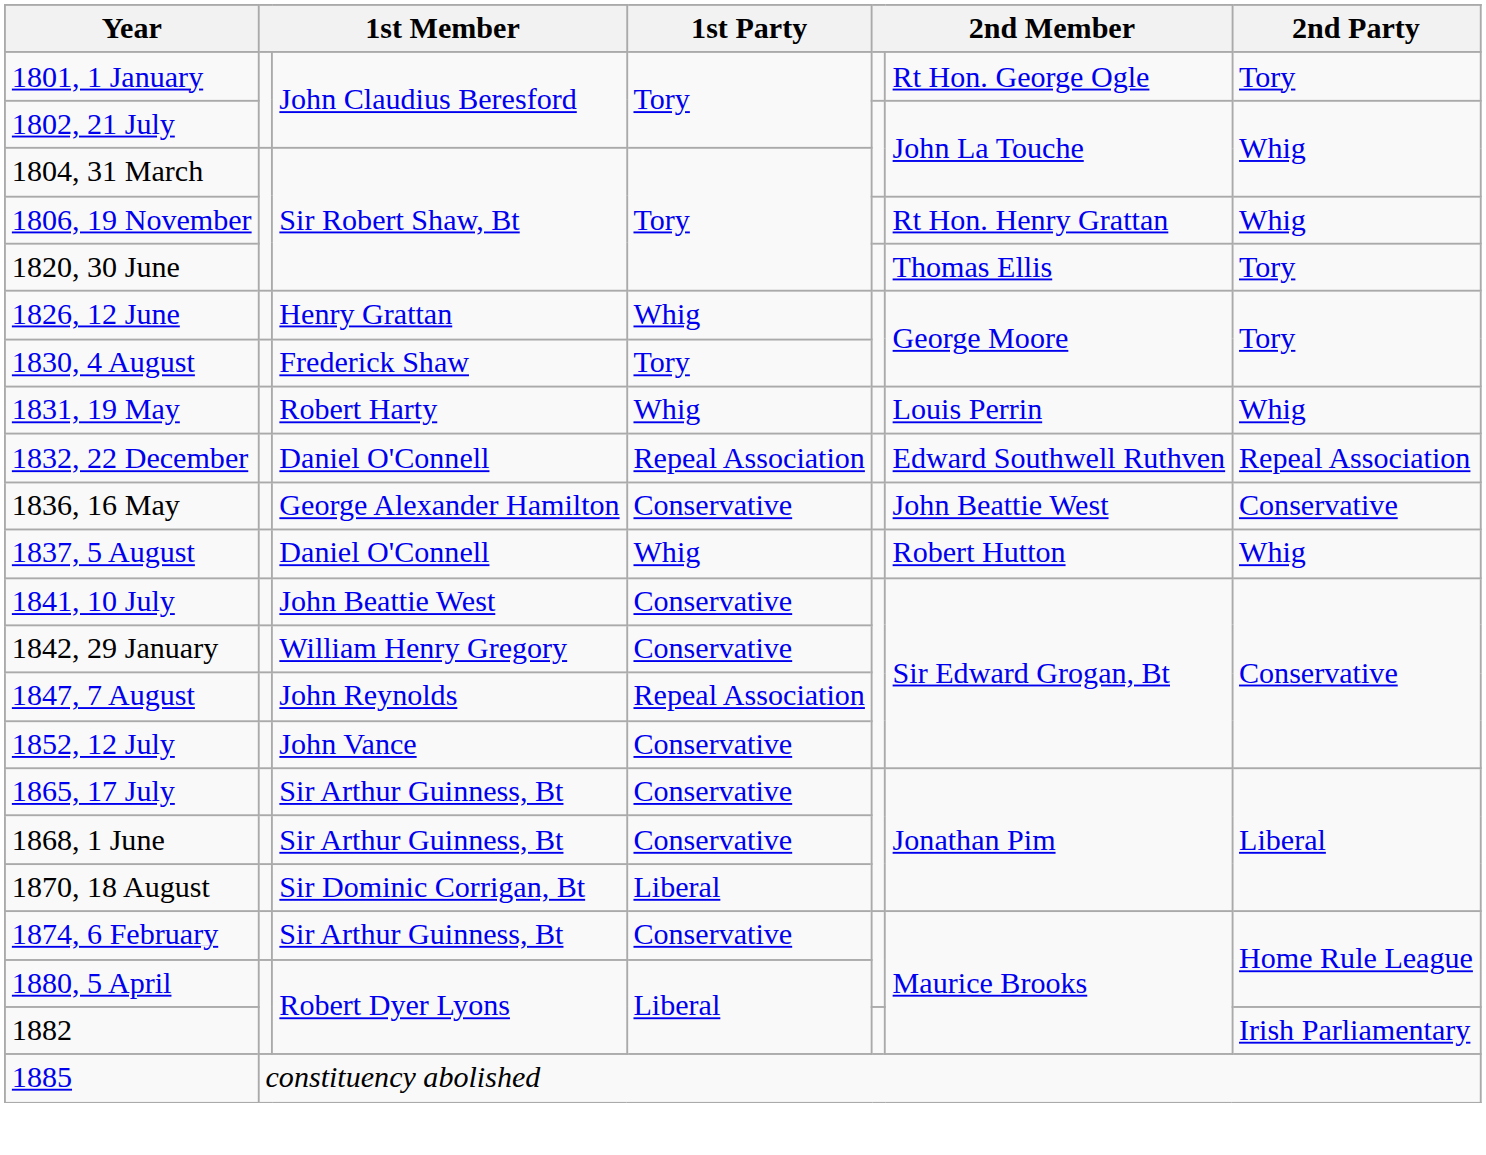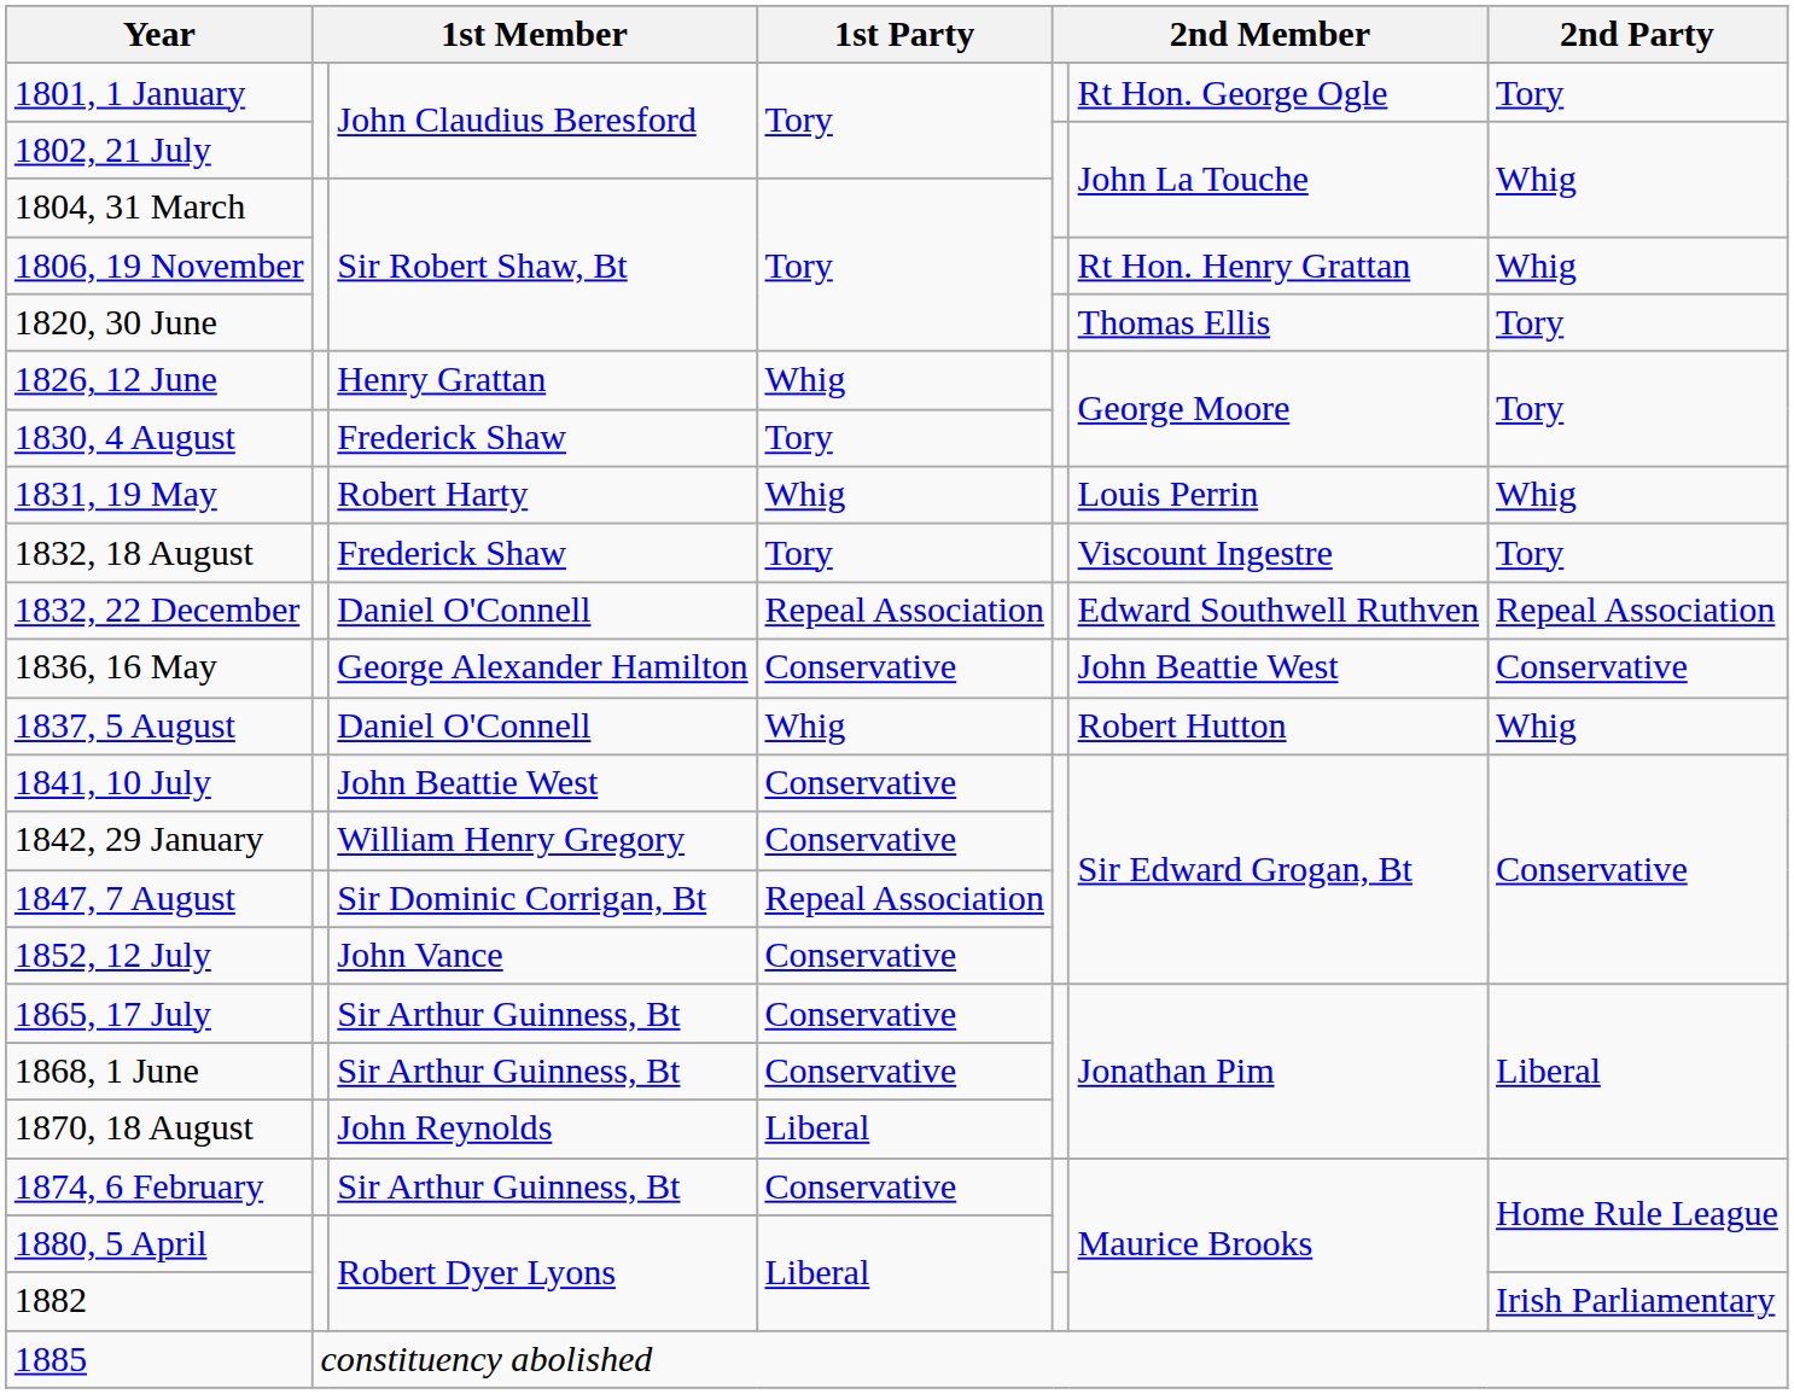 <table class="wikitable">
 <tr>
 <th>Year</th>
 <th colspan="2">1st Member</th>
 <th>1st Party</th>
 <th colspan="2">2nd Member</th>
 <th>2nd Party</th>
 </tr>
 <tr>
 <td><a href='#'>1801, 1 January</a></td>
 <td rowspan="2" style="color:inherit;background-color: "></td>
 <td rowspan="2"><a href='#'>John Claudius Beresford</a></td>
 <td rowspan="2"><a href='#'>Tory</a></td>
 <td style="color:inherit;background-color: "></td>
 <td><a href='#'>Rt Hon. George Ogle</a></td>
 <td><a href='#'>Tory</a></td>
 </tr>
 <tr>
 <td><a href='#'>1802, 21 July</a></td>
 <td rowspan="2" style="color:inherit;background-color: "></td>
 <td rowspan="2"><a href='#'>John La Touche</a></td>
 <td rowspan="2"><a href='#'>Whig</a></td>
 </tr>
 <tr>
 <td>1804, 31 March</td>
 <td rowspan="3" style="color:inherit;background-color: "></td>
 <td rowspan="3"><a href='#'>Sir Robert Shaw, Bt</a></td>
 <td rowspan="3"><a href='#'>Tory</a></td>
 </tr>
 <tr>
 <td><a href='#'>1806, 19 November</a></td>
 <td style="color:inherit;background-color: "></td>
 <td><a href='#'>Rt Hon. Henry Grattan</a></td>
 <td><a href='#'>Whig</a></td>
 </tr>
 <tr>
 <td>1820, 30 June</td>
 <td style="color:inherit;background-color: "></td>
 <td><a href='#'>Thomas Ellis</a></td>
 <td><a href='#'>Tory</a></td>
 </tr>
 <tr>
 <td><a href='#'>1826, 12 June</a></td>
 <td style="color:inherit;background-color: "></td>
 <td><a href='#'>Henry Grattan</a></td>
 <td><a href='#'>Whig</a></td>
 <td rowspan="2" style="color:inherit;background-color: "></td>
 <td rowspan="2"><a href='#'>George Moore</a></td>
 <td rowspan="2"><a href='#'>Tory</a></td>
 </tr>
 <tr>
 <td><a href='#'>1830, 4 August</a></td>
 <td style="color:inherit;background-color: "></td>
 <td><a href='#'>Frederick Shaw</a></td>
 <td><a href='#'>Tory</a></td>
 </tr>
 <tr>
 <td><a href='#'>1831, 19 May</a></td>
 <td style="color:inherit;background-color: "></td>
 <td><a href='#'>Robert Harty</a></td>
 <td><a href='#'>Whig</a></td>
 <td style="color:inherit;background-color: "></td>
 <td><a href='#'>Louis Perrin</a></td>
 <td><a href='#'>Whig</a></td>
 </tr>
 <tr>
+<td>1832, 18 August </td>
+<td style="color:inherit;background-color: "></td>
+<td><a href='#'>Frederick Shaw</a></td>
+<td><a href='#'>Tory</a></td>
+<td style="color:inherit;background-color: "></td>
+<td><a href='#'>Viscount Ingestre</a></td>
+<td><a href='#'>Tory</a></td>
+</tr>
+<tr>
 <td><a href='#'>1832, 22 December</a></td>
 <td style="color:inherit;background-color: "></td>
 <td><a href='#'>Daniel O'Connell</a></td>
 <td><a href='#'>Repeal Association</a></td>
 <td style="color:inherit;background-color: "></td>
 <td><a href='#'>Edward Southwell Ruthven</a></td>
 <td><a href='#'>Repeal Association</a></td>
 </tr>
 <tr>
 <td>1836, 16 May</td>
 <td style="color:inherit;background-color: "></td>
 <td><a href='#'>George Alexander Hamilton</a></td>
 <td><a href='#'>Conservative</a></td>
 <td style="color:inherit;background-color: "></td>
 <td><a href='#'>John Beattie West</a></td>
 <td><a href='#'>Conservative</a></td>
 </tr>
 <tr>
 <td><a href='#'>1837, 5 August</a></td>
 <td style="color:inherit;background-color: "></td>
 <td><a href='#'>Daniel O'Connell</a></td>
 <td><a href='#'>Whig</a></td>
 <td style="color:inherit;background-color: "></td>
 <td><a href='#'>Robert Hutton</a></td>
 <td><a href='#'>Whig</a></td>
 </tr>
 <tr>
 <td><a href='#'>1841, 10 July</a></td>
 <td style="color:inherit;background-color: "></td>
 <td><a href='#'>John Beattie West</a></td>
 <td><a href='#'>Conservative</a></td>
 <td rowspan="4" style="color:inherit;background-color: "></td>
 <td rowspan="4"><a href='#'>Sir Edward Grogan, Bt</a></td>
 <td rowspan="4"><a href='#'>Conservative</a></td>
 </tr>
 <tr>
 <td>1842, 29 January</td>
 <td style="color:inherit;background-color: "></td>
 <td><a href='#'>William Henry Gregory</a></td>
 <td><a href='#'>Conservative</a></td>
 </tr>
 <tr>
 <td><a href='#'>1847, 7 August</a></td>
 <td style="color:inherit;background-color: "></td>
-<td><a href='#'>John Reynolds</a></td>
+<td><a href='#'>Sir Dominic Corrigan, Bt</a></td>
 <td><a href='#'>Repeal Association</a></td>
 </tr>
 <tr>
 <td><a href='#'>1852, 12 July</a></td>
 <td style="color:inherit;background-color: "></td>
 <td><a href='#'>John Vance</a></td>
 <td><a href='#'>Conservative</a></td>
 </tr>
 <tr>
 <td><a href='#'>1865, 17 July</a></td>
 <td style="color:inherit;background-color: "></td>
 <td><a href='#'>Sir Arthur Guinness, Bt</a></td>
 <td><a href='#'>Conservative</a></td>
 <td rowspan="3" style="color:inherit;background-color: "></td>
 <td rowspan="3"><a href='#'>Jonathan Pim</a></td>
 <td rowspan="3"><a href='#'>Liberal</a></td>
 </tr>
 <tr>
 <td>1868, 1 June</td>
 <td style="color:inherit;background-color: "></td>
 <td><a href='#'>Sir Arthur Guinness, Bt</a></td>
 <td><a href='#'>Conservative</a></td>
 </tr>
 <tr>
 <td>1870, 18 August</td>
 <td style="color:inherit;background-color: "></td>
-<td><a href='#'>Sir Dominic Corrigan, Bt</a></td>
+<td><a href='#'>John Reynolds</a></td>
 <td><a href='#'>Liberal</a></td>
 </tr>
 <tr>
 <td><a href='#'>1874, 6 February</a></td>
 <td style="color:inherit;background-color: "></td>
 <td><a href='#'>Sir Arthur Guinness, Bt</a></td>
 <td><a href='#'>Conservative</a></td>
 <td rowspan="2" style="color:inherit;background-color: "></td>
 <td rowspan="3"><a href='#'>Maurice Brooks</a></td>
 <td rowspan="2"><a href='#'>Home Rule League</a></td>
 </tr>
 <tr>
 <td><a href='#'>1880, 5 April</a></td>
 <td rowspan="2" style="color:inherit;background-color: "></td>
 <td rowspan="2"><a href='#'>Robert Dyer Lyons</a></td>
 <td rowspan="2"><a href='#'>Liberal</a></td>
 </tr>
 <tr>
 <td>1882</td>
 <td style="color:inherit;background-color: "></td>
 <td><a href='#'>Irish Parliamentary</a></td>
 </tr>
 <tr>
 <td><a href='#'>1885</a></td>
 <td colspan="6"><em>constituency abolished</em></td>
 </tr>
 </table>
